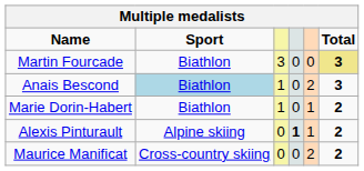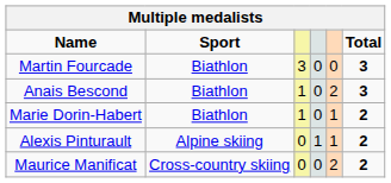 <table class="wikitable" style="font-size:85%; float:right;">
 <tr style="background:#efefef;">
 <th colspan=7><strong>Multiple medalists</strong></th>
 </tr>
 <tr align=center>
 <td><strong>Name</strong></td>
 <td><strong>Sport</strong></td>
 <td bgcolor=#f7f6a8></td>
 <td bgcolor=#dce5e5></td>
 <td bgcolor=#ffdab9></td>
 <td><strong>Total</strong></td>
 </tr>
 <tr align=center>
 <td><a href='#'>Martin Fourcade</a></td>
 <td><a href='#'>Biathlon</a></td>
 <td style="background:#f7f6a8;">3</td>
 <td style="background:#dce5e5;">0</td>
 <td style="background:#ffdab9;">0</td>
-<td style="background: khaki;"><strong>3</strong></td>
+<td><strong>3</strong></td>
 </tr>
 <tr align=center>
 <td><a href='#'>Anais Bescond</a></td>
-<td style="background: lightblue;"><a href='#'>Biathlon</a></td>
+<td><a href='#'>Biathlon</a></td>
 <td style="background:#f7f6a8;">1</td>
 <td style="background:#dce5e5;">0</td>
 <td style="background:#ffdab9;">2</td>
 <td><strong>3</strong></td>
 </tr>
 <tr align=center>
 <td><a href='#'>Marie Dorin-Habert</a></td>
 <td><a href='#'>Biathlon</a></td>
 <td style="background:#f7f6a8;">1</td>
 <td style="background:#dce5e5;">0</td>
 <td style="background:#ffdab9;">1</td>
 <td><strong>2</strong></td>
 </tr>
 <tr align=center>
 <td><a href='#'>Alexis Pinturault</a></td>
 <td><a href='#'>Alpine skiing</a></td>
 <td style="background:#f7f6a8;">0</td>
-<td style="background:#dce5e5;"><strong>1</strong></td>
+<td style="background:#dce5e5;">1</td>
 <td style="background:#ffdab9;">1</td>
 <td><strong>2</strong></td>
 </tr>
 <tr align=center>
 <td><a href='#'>Maurice Manificat</a></td>
 <td><a href='#'>Cross-country skiing</a></td>
 <td style="background:#f7f6a8;">0</td>
 <td style="background:#dce5e5;">0</td>
 <td style="background:#ffdab9;">2</td>
 <td><strong>2</strong></td>
 </tr>
 </table>
